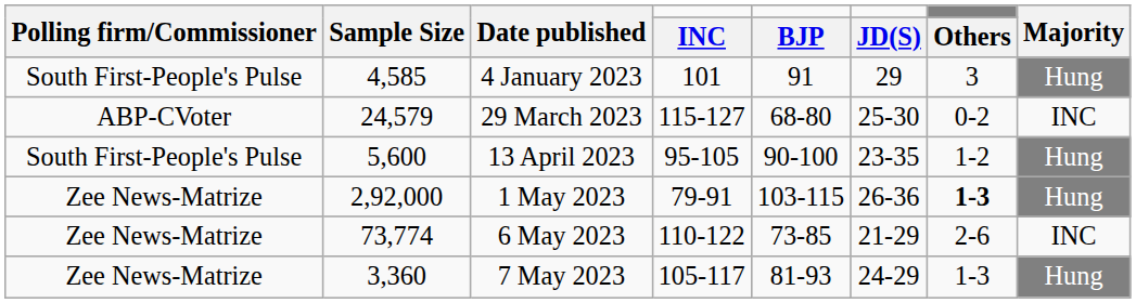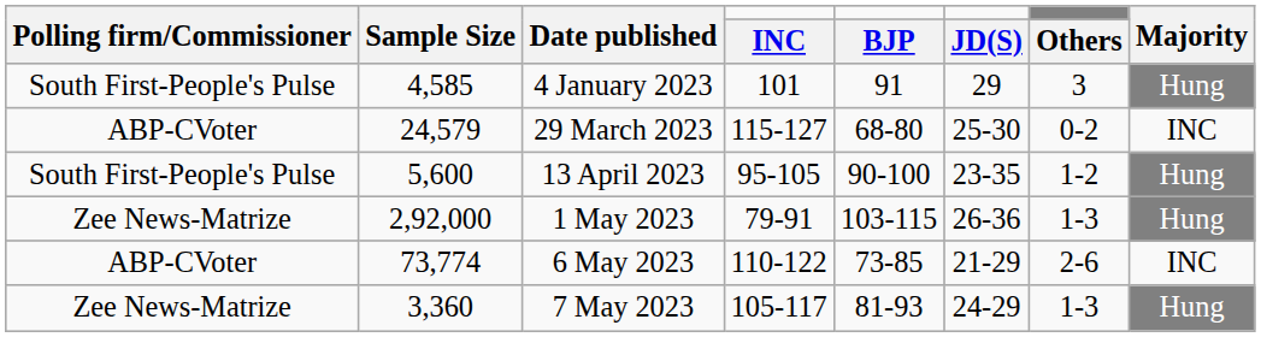 <table class="wikitable" style="text-align:center;font-size:95%;line-height:16px;">
 <tr>
 <th rowspan="2" class="wikitable">Polling firm/Commissioner</th>
 <th rowspan="2" class="wikitable">Sample Size</th>
 <th rowspan="2" class="wikitable">Date published</th>
 <td></td>
 <td></td>
 <td></td>
 <td style="background:gray;"></td>
 <th rowspan="2">Majority</th>
 </tr>
 <tr>
 <th><a href='#'>INC</a></th>
 <th><a href='#'>BJP</a></th>
 <th><a href='#'>JD(S)</a></th>
 <th>Others</th>
 </tr>
 <tr>
 <td>South First-People's Pulse</td>
 <td>4,585</td>
 <td>4 January 2023</td>
 <td style="background:">101</td>
 <td>91</td>
 <td>29</td>
 <td>3</td>
 <td style="background:gray; color:white;">Hung</td>
 </tr>
 <tr>
 <td>ABP-CVoter</td>
 <td>24,579</td>
 <td>29 March 2023</td>
 <td style="background:">115-127</td>
 <td>68-80</td>
 <td>25-30</td>
 <td>0-2</td>
 <td style="background:">INC</td>
 </tr>
 <tr>
 <td>South First-People's Pulse </td>
 <td>5,600</td>
 <td>13 April 2023</td>
 <td style="background:">95-105</td>
 <td>90-100</td>
 <td>23-35</td>
 <td>1-2</td>
 <td style="background:gray; color:white;">Hung</td>
 </tr>
 <tr>
 <td>Zee News-Matrize</td>
 <td>2,92,000</td>
 <td>1 May 2023</td>
 <td>79-91</td>
 <td style="background:">103-115</td>
 <td>26-36</td>
-<td><strong>1-3</strong></td>
+<td>1-3</td>
 <td style="background:gray; color:white;">Hung</td>
 </tr>
 <tr>
-<td>Zee News-Matrize</td>
+<td>ABP-CVoter</td>
 <td>73,774</td>
 <td>6 May 2023</td>
 <td style="background:">110-122</td>
 <td>73-85</td>
 <td>21-29</td>
 <td>2-6</td>
 <td style="background:">INC</td>
 </tr>
 <tr>
 <td>Zee News-Matrize</td>
 <td>3,360</td>
 <td>7 May 2023</td>
 <td style="background:">105-117</td>
 <td>81-93</td>
 <td>24-29</td>
 <td>1-3</td>
 <td style="background:gray; color:white;">Hung</td>
 </tr>
 </table>
